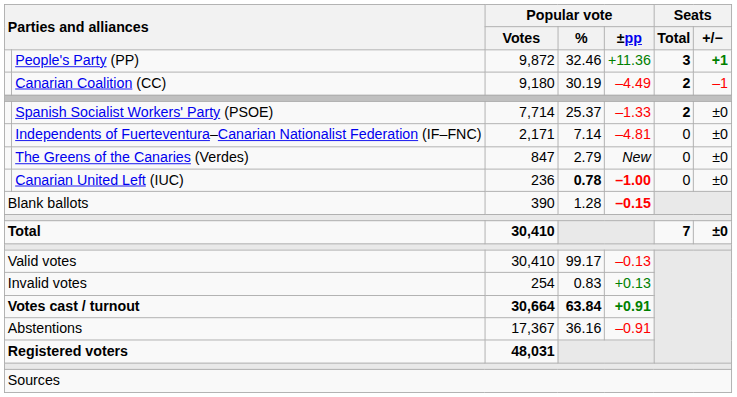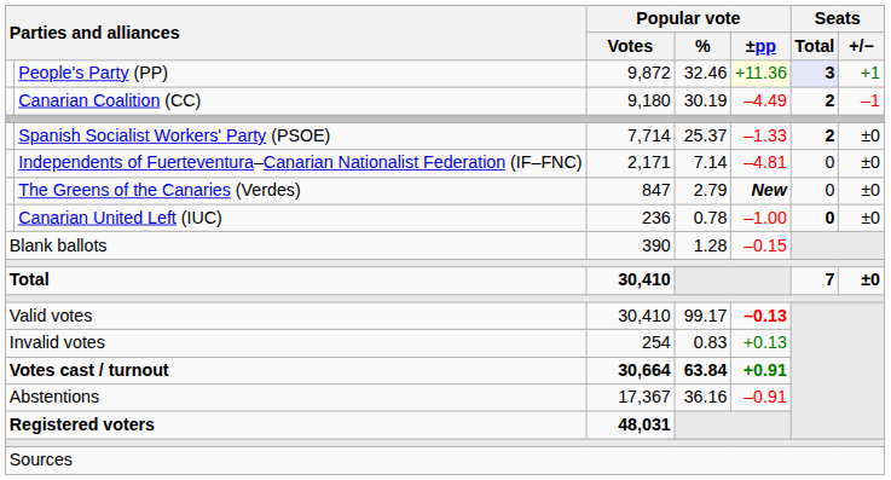 <table class="wikitable" style="text-align:right;">
 <tr>
 <th style="text-align:left;" rowspan="2" colspan="2" width="525">Parties and alliances</th>
 <th colspan="3">Popular vote</th>
 <th colspan="2">Seats</th>
 </tr>
 <tr>
 <th width="75">Votes</th>
 <th width="45">%</th>
 <th width="45">±<a href='#'>pp</a></th>
 <th width="35">Total</th>
 <th width="35">+/−</th>
 </tr>
 <tr>
 <td width="1" style="color:inherit;background:"></td>
 <td align="left"><a href='#'>People's Party</a> (PP)</td>
 <td>9,872</td>
 <td>32.46</td>
-<td style="color:green;">+11.36</td>
-<td><strong>3</strong></td>
-<td style="color:green;"><strong>+1</strong></td>
+<td style="background: lightyellow; color:green;">+11.36</td>
+<td style="background: lavender;"><strong>3</strong></td>
+<td style="color:green;">+1</td>
 </tr>
 <tr>
 <td style="color:inherit;background:"></td>
 <td align="left"><a href='#'>Canarian Coalition</a> (CC)</td>
 <td>9,180</td>
 <td>30.19</td>
 <td style="color:red;">–4.49</td>
 <td><strong>2</strong></td>
 <td style="color:red;">–1</td>
 </tr>
 <tr>
 <td colspan="7" bgcolor="#C0C0C0"></td>
 </tr>
 <tr>
 <td style="color:inherit;background:"></td>
 <td align="left"><a href='#'>Spanish Socialist Workers' Party</a> (PSOE)</td>
 <td>7,714</td>
 <td>25.37</td>
 <td style="color:red;">–1.33</td>
 <td><strong>2</strong></td>
 <td>±0</td>
 </tr>
 <tr>
 <td style="color:inherit;background:"></td>
 <td align="left"><a href='#'>Independents of Fuerteventura</a>–<a href='#'>Canarian Nationalist Federation</a> (IF–FNC)</td>
 <td>2,171</td>
 <td>7.14</td>
 <td style="color:red;">–4.81</td>
 <td>0</td>
 <td>±0</td>
 </tr>
 <tr>
 <td style="color:inherit;background:"></td>
 <td align="left"><a href='#'>The Greens of the Canaries</a> (Verdes)</td>
 <td>847</td>
 <td>2.79</td>
-<td><em>New</em></td>
+<td><strong><em>New</em></strong></td>
 <td>0</td>
 <td>±0</td>
 </tr>
 <tr>
 <td style="color:inherit;background:"></td>
 <td align="left"><a href='#'>Canarian United Left</a> (IUC)</td>
 <td>236</td>
-<td><strong>0.78</strong></td>
-<td style="color:red;"><strong>–1.00</strong></td>
-<td>0</td>
+<td>0.78</td>
+<td style="color:red;">–1.00</td>
+<td><strong>0</strong></td>
 <td>±0</td>
 </tr>
 <tr>
 <td align="left" colspan="2">Blank ballots</td>
 <td>390</td>
 <td>1.28</td>
-<td style="color:red;"><strong>–0.15</strong></td>
+<td style="color:red;">–0.15</td>
 <td bgcolor="#E9E9E9" colspan="2"></td>
 </tr>
 <tr>
 <td colspan="7" bgcolor="#E9E9E9"></td>
 </tr>
 <tr style="font-weight:bold;">
 <td align="left" colspan="2">Total</td>
 <td>30,410</td>
 <td bgcolor="#E9E9E9" colspan="2"></td>
 <td>7</td>
 <td>±0</td>
 </tr>
 <tr>
 <td colspan="7" bgcolor="#E9E9E9"></td>
 </tr>
 <tr>
 <td align="left" colspan="2">Valid votes</td>
 <td>30,410</td>
 <td>99.17</td>
-<td style="color:red;">–0.13</td>
+<td style="color:red;"><strong>–0.13</strong></td>
 <td bgcolor="#E9E9E9" colspan="2" rowspan="5"></td>
 </tr>
 <tr>
 <td align="left" colspan="2">Invalid votes</td>
 <td>254</td>
 <td>0.83</td>
 <td style="color:green;">+0.13</td>
 </tr>
 <tr style="font-weight:bold;">
 <td align="left" colspan="2">Votes cast / turnout</td>
 <td>30,664</td>
 <td>63.84</td>
 <td style="color:green;">+0.91</td>
 </tr>
 <tr>
 <td align="left" colspan="2">Abstentions</td>
 <td>17,367</td>
 <td>36.16</td>
 <td style="color:red;">–0.91</td>
 </tr>
 <tr style="font-weight:bold;">
 <td align="left" colspan="2">Registered voters</td>
 <td>48,031</td>
 <td bgcolor="#E9E9E9" colspan="2"></td>
 </tr>
 <tr>
 <td colspan="7" bgcolor="#E9E9E9"></td>
 </tr>
 <tr>
 <td align="left" colspan="7">Sources</td>
 </tr>
 </table>
